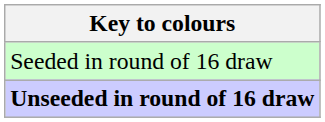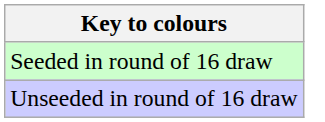 <table class=wikitable>
 <tr>
 <th>Key to colours</th>
 </tr>
 <tr bgcolor=#ccffcc>
 <td>Seeded in round of 16 draw</td>
 </tr>
 <tr bgcolor=#ccccff>
-<td><strong>Unseeded in round of 16 draw</strong></td>
+<td>Unseeded in round of 16 draw</td>
 </tr>
 </table>
